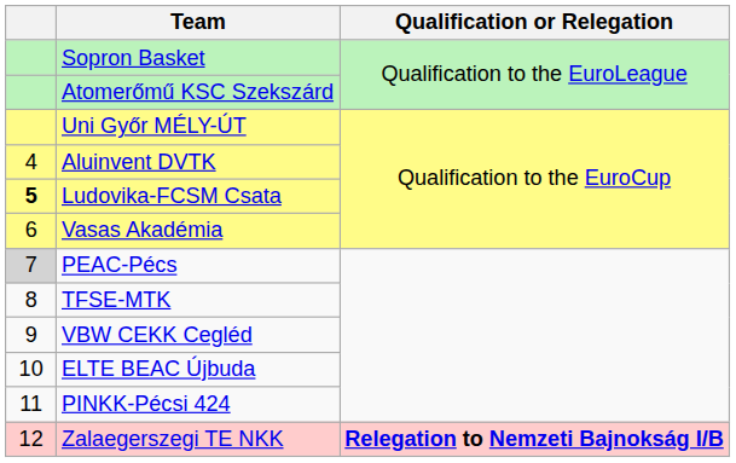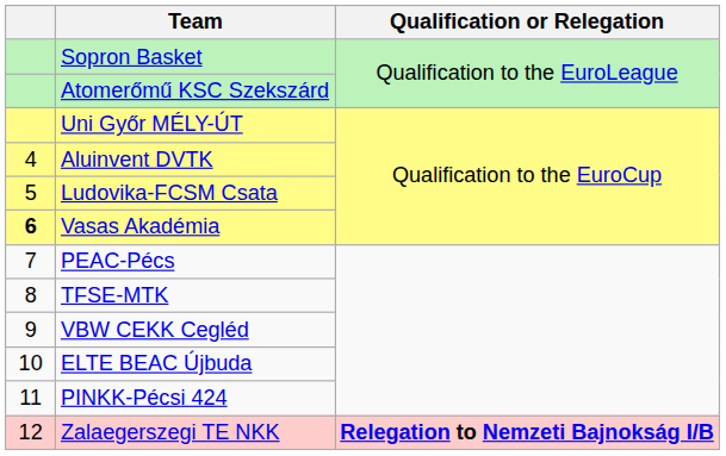 <table class="wikitable" style="text-align: center;">
 <tr>
 <th width=30></th>
 <th width=200>Team</th>
 <th>Qualification or Relegation</th>
 </tr>
 <tr bgcolor="#BBF3BB">
 <td></td>
 <td align=left><a href='#'>Sopron Basket</a></td>
 <td rowspan=2>Qualification to the <a href='#'>EuroLeague</a></td>
 </tr>
 <tr bgcolor="#BBF3BB">
 <td></td>
 <td align=left><a href='#'>Atomerőmű KSC Szekszárd</a></td>
 </tr>
 <tr bgcolor="#FFFC88">
 <td></td>
 <td align=left><a href='#'>Uni Győr MÉLY-ÚT</a></td>
 <td rowspan=4>Qualification to the <a href='#'>EuroCup</a></td>
 </tr>
 <tr bgcolor="#FFFC88">
 <td>4</td>
 <td align="left"><a href='#'>Aluinvent DVTK</a></td>
 </tr>
 <tr bgcolor="#FFFC88">
-<td><strong>5</strong></td>
+<td>5</td>
 <td align="left"><a href='#'>Ludovika-FCSM Csata</a></td>
 </tr>
 <tr bgcolor="#FFFC88">
-<td>6</td>
+<td><strong>6</strong></td>
 <td align="left"><a href='#'>Vasas Akadémia</a></td>
 </tr>
 <tr>
-<td style="background: lightgrey;">7</td>
+<td>7</td>
 <td align="left"><a href='#'>PEAC-Pécs</a></td>
 </tr>
 <tr>
 <td>8</td>
 <td align="left"><a href='#'>TFSE-MTK</a></td>
 </tr>
 <tr>
 <td>9</td>
 <td align="left"><a href='#'>VBW CEKK Cegléd</a></td>
 </tr>
 <tr>
 <td>10</td>
 <td align="left"><a href='#'>ELTE BEAC Újbuda</a></td>
 </tr>
 <tr>
 <td>11</td>
 <td align="left"><a href='#'>PINKK-Pécsi 424</a></td>
 </tr>
 <tr bgcolor="FFCCCC">
 <td>12</td>
 <td align="left"><a href='#'>Zalaegerszegi TE NKK</a></td>
 <td><strong><a href='#'>Relegation</a> to <a href='#'>Nemzeti Bajnokság I/B</a></strong></td>
 </tr>
 </table>
